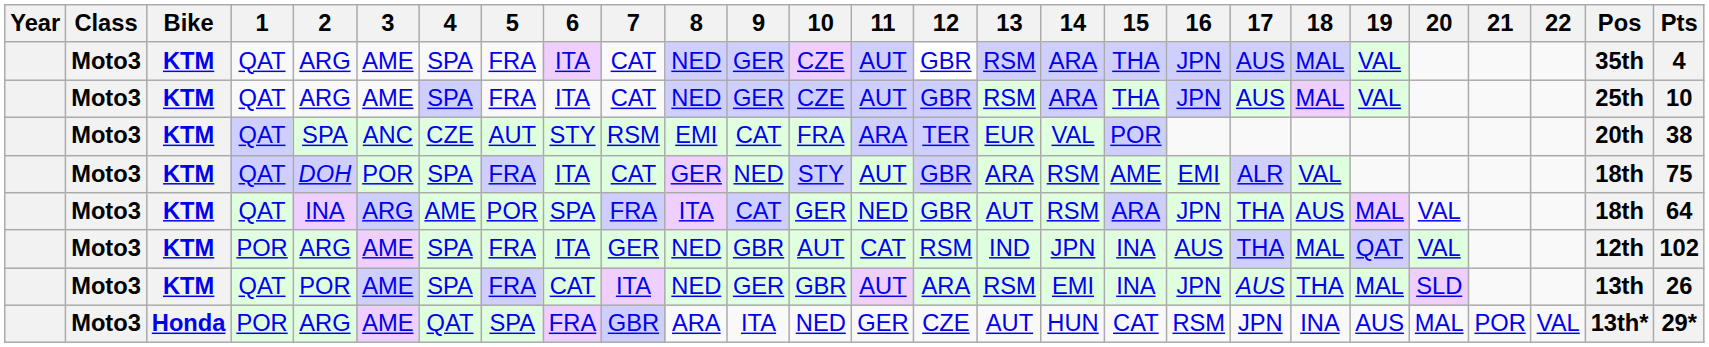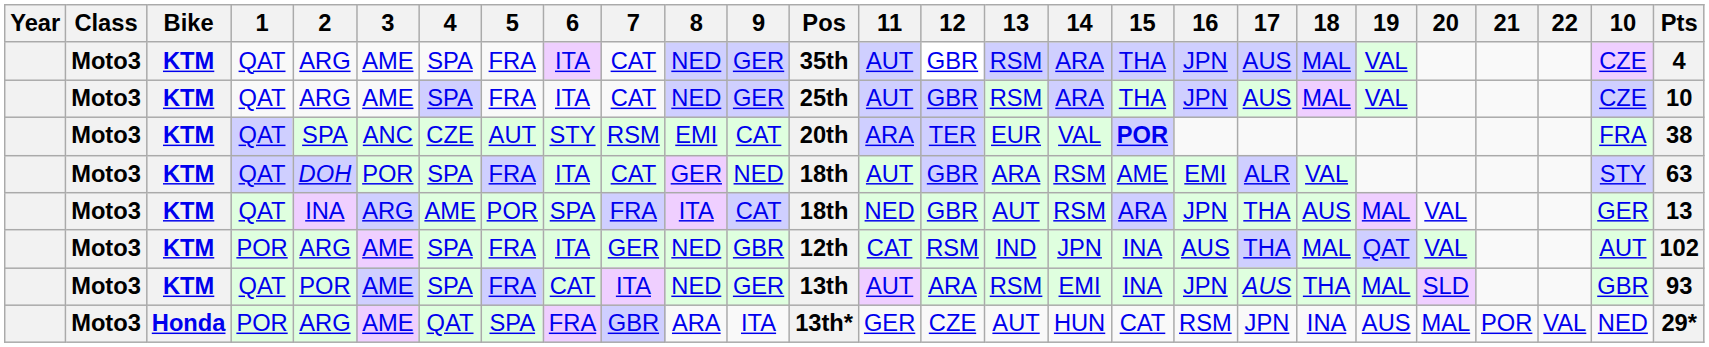 <table class="wikitable" style="text-align:center;">
 <tr>
 <th>Year</th>
 <th>Class</th>
 <th>Bike</th>
 <th>1</th>
 <th>2</th>
 <th>3</th>
 <th>4</th>
 <th>5</th>
 <th>6</th>
 <th>7</th>
 <th>8</th>
 <th>9</th>
-<th>10</th>
+<th>Pos</th>
 <th>11</th>
 <th>12</th>
 <th>13</th>
 <th>14</th>
 <th>15</th>
 <th>16</th>
 <th>17</th>
 <th>18</th>
 <th>19</th>
 <th>20</th>
 <th>21</th>
 <th>22</th>
-<th>Pos</th>
+<th>10</th>
 <th>Pts</th>
 </tr>
 <tr>
 <th></th>
 <th>Moto3</th>
 <th><a href='#'>KTM</a></th>
 <td><a href='#'>QAT</a></td>
 <td><a href='#'>ARG</a></td>
 <td><a href='#'>AME</a></td>
 <td><a href='#'>SPA</a></td>
 <td><a href='#'>FRA</a></td>
 <td style="background:#efcfff;"><a href='#'>ITA</a><br></td>
 <td><a href='#'>CAT</a></td>
 <td style="background:#cfcfff;"><a href='#'>NED</a><br></td>
 <td style="background:#cfcfff;"><a href='#'>GER</a><br></td>
-<td style="background:#efcfff;"><a href='#'>CZE</a><br></td>
+<th>35th</th>
 <td style="background:#cfcfff;"><a href='#'>AUT</a><br></td>
 <td style="background:#ffffff;"><a href='#'>GBR</a><br></td>
 <td style="background:#cfcfff;"><a href='#'>RSM</a><br></td>
 <td style="background:#cfcfff;"><a href='#'>ARA</a><br></td>
 <td style="background:#cfcfff;"><a href='#'>THA</a><br></td>
 <td style="background:#cfcfff;"><a href='#'>JPN</a><br></td>
 <td style="background:#cfcfff;"><a href='#'>AUS</a><br></td>
 <td style="background:#cfcfff;"><a href='#'>MAL</a><br></td>
 <td style="background:#dfffdf;"><a href='#'>VAL</a><br></td>
 <td></td>
 <td></td>
 <td></td>
-<th>35th</th>
+<td style="background:#efcfff;"><a href='#'>CZE</a><br></td>
 <th>4</th>
 </tr>
 <tr>
 <th></th>
 <th>Moto3</th>
 <th><a href='#'>KTM</a></th>
 <td><a href='#'>QAT</a></td>
 <td><a href='#'>ARG</a></td>
 <td><a href='#'>AME</a></td>
 <td style="background:#cfcfff;"><a href='#'>SPA</a><br></td>
 <td><a href='#'>FRA</a></td>
 <td><a href='#'>ITA</a></td>
 <td><a href='#'>CAT</a></td>
 <td style="background:#cfcfff;"><a href='#'>NED</a><br></td>
 <td style="background:#cfcfff;"><a href='#'>GER</a><br></td>
-<td style="background:#cfcfff;"><a href='#'>CZE</a><br></td>
+<th>25th</th>
 <td style="background:#cfcfff;"><a href='#'>AUT</a><br></td>
 <td style="background:#cfcfff;"><a href='#'>GBR</a><br></td>
 <td style="background:#dfffdf;"><a href='#'>RSM</a><br></td>
 <td style="background:#cfcfff;"><a href='#'>ARA</a><br></td>
 <td style="background:#dfffdf;"><a href='#'>THA</a><br></td>
 <td style="background:#cfcfff;"><a href='#'>JPN</a><br></td>
 <td style="background:#dfffdf;"><a href='#'>AUS</a><br></td>
 <td style="background:#efcfff;"><a href='#'>MAL</a><br></td>
 <td style="background:#dfffdf;"><a href='#'>VAL</a><br></td>
 <td></td>
 <td></td>
 <td></td>
-<th>25th</th>
+<td style="background:#cfcfff;"><a href='#'>CZE</a><br></td>
 <th>10</th>
 </tr>
 <tr>
 <th></th>
 <th>Moto3</th>
 <th><a href='#'>KTM</a></th>
 <td style="background:#cfcfff;"><a href='#'>QAT</a><br></td>
 <td style="background:#dfffdf;"><a href='#'>SPA</a><br></td>
 <td style="background:#dfffdf;"><a href='#'>ANC</a><br></td>
 <td style="background:#dfffdf;"><a href='#'>CZE</a><br></td>
 <td style="background:#dfffdf;"><a href='#'>AUT</a><br></td>
 <td style="background:#dfffdf;"><a href='#'>STY</a><br></td>
 <td style="background:#dfffdf;"><a href='#'>RSM</a><br></td>
 <td style="background:#dfffdf;"><a href='#'>EMI</a><br></td>
 <td style="background:#dfffdf;"><a href='#'>CAT</a><br></td>
-<td style="background:#dfffdf;"><a href='#'>FRA</a><br></td>
+<th>20th</th>
 <td style="background:#cfcfff;"><a href='#'>ARA</a><br></td>
 <td style="background:#cfcfff;"><a href='#'>TER</a><br></td>
 <td style="background:#dfffdf;"><a href='#'>EUR</a><br></td>
 <td style="background:#dfffdf;"><a href='#'>VAL</a><br></td>
-<td style="background:#cfcfff;"><a href='#'>POR</a><br></td>
+<td style="background:#cfcfff;"><strong><a href='#'>POR</a><br></strong></td>
 <td></td>
 <td></td>
 <td></td>
 <td></td>
 <td></td>
 <td></td>
 <td></td>
-<th>20th</th>
+<td style="background:#dfffdf;"><a href='#'>FRA</a><br></td>
 <th>38</th>
 </tr>
 <tr>
 <th></th>
 <th>Moto3</th>
 <th><a href='#'>KTM</a></th>
 <td style="background:#cfcfff;"><a href='#'>QAT</a><br></td>
 <td style="background:#cfcfff;"><em><a href='#'>DOH</a></em><br></td>
 <td style="background:#dfffdf;"><a href='#'>POR</a><br></td>
 <td style="background:#dfffdf;"><a href='#'>SPA</a><br></td>
 <td style="background:#cfcfff;"><a href='#'>FRA</a><br></td>
 <td style="background:#dfffdf;"><a href='#'>ITA</a><br></td>
 <td style="background:#dfffdf;"><a href='#'>CAT</a><br></td>
 <td style="background:#efcfff;"><a href='#'>GER</a><br></td>
 <td style="background:#dfffdf;"><a href='#'>NED</a><br></td>
-<td style="background:#cfcfff;"><a href='#'>STY</a><br></td>
+<th>18th</th>
 <td style="background:#dfffdf;"><a href='#'>AUT</a><br></td>
 <td style="background:#cfcfff;"><a href='#'>GBR</a><br></td>
 <td style="background:#dfffdf;"><a href='#'>ARA</a><br></td>
 <td style="background:#dfffdf;"><a href='#'>RSM</a><br></td>
 <td style="background:#dfffdf;"><a href='#'>AME</a><br></td>
 <td style="background:#dfffdf;"><a href='#'>EMI</a><br></td>
 <td style="background:#cfcfff;"><a href='#'>ALR</a><br></td>
 <td style="background:#dfffdf;"><a href='#'>VAL</a><br></td>
 <td></td>
 <td></td>
 <td></td>
 <td></td>
-<th>18th</th>
-<th>75</th>
+<td style="background:#cfcfff;"><a href='#'>STY</a><br></td>
+<th>63</th>
 </tr>
 <tr>
 <th></th>
 <th>Moto3</th>
 <th><a href='#'>KTM</a></th>
 <td style="background:#dfffdf;"><a href='#'>QAT</a><br></td>
 <td style="background:#efcfff;"><a href='#'>INA</a><br></td>
 <td style="background:#cfcfff;"><a href='#'>ARG</a><br></td>
 <td style="background:#dfffdf;"><a href='#'>AME</a><br></td>
 <td style="background:#dfffdf;"><a href='#'>POR</a><br></td>
 <td style="background:#dfffdf;"><a href='#'>SPA</a><br></td>
 <td style="background:#cfcfff;"><a href='#'>FRA</a><br></td>
 <td style="background:#efcfff;"><a href='#'>ITA</a><br></td>
 <td style="background:#cfcfff;"><a href='#'>CAT</a><br></td>
-<td style="background:#dfffdf;"><a href='#'>GER</a><br></td>
+<th>18th</th>
 <td style="background:#dfffdf;"><a href='#'>NED</a><br></td>
 <td style="background:#dfffdf;"><a href='#'>GBR</a><br></td>
 <td style="background:#dfffdf;"><a href='#'>AUT</a><br></td>
 <td style="background:#dfffdf;"><a href='#'>RSM</a><br></td>
 <td style="background:#cfcfff;"><a href='#'>ARA</a><br></td>
 <td style="background:#dfffdf;"><a href='#'>JPN</a><br></td>
 <td style="background:#dfffdf;"><a href='#'>THA</a><br></td>
 <td style="background:#dfffdf;"><a href='#'>AUS</a><br></td>
 <td style="background:#efcfff;"><a href='#'>MAL</a><br></td>
 <td><a href='#'>VAL</a></td>
 <td></td>
 <td></td>
-<th>18th</th>
-<th>64</th>
+<td style="background:#dfffdf;"><a href='#'>GER</a><br></td>
+<th>13</th>
 </tr>
 <tr>
 <th></th>
 <th>Moto3</th>
 <th><a href='#'>KTM</a></th>
 <td style="background:#dfffdf;"><a href='#'>POR</a><br></td>
 <td style="background:#dfffdf;"><a href='#'>ARG</a><br></td>
 <td style="background:#efcfff;"><a href='#'>AME</a><br></td>
 <td style="background:#dfffdf;"><a href='#'>SPA</a><br></td>
 <td style="background:#dfffdf;"><a href='#'>FRA</a><br></td>
 <td style="background:#dfffdf;"><a href='#'>ITA</a><br></td>
 <td style="background:#dfffdf;"><a href='#'>GER</a><br></td>
 <td style="background:#dfffdf;"><a href='#'>NED</a><br></td>
 <td style="background:#dfffdf;"><a href='#'>GBR</a><br></td>
-<td style="background:#dfffdf;"><a href='#'>AUT</a><br></td>
+<th>12th</th>
 <td style="background:#dfffdf;"><a href='#'>CAT</a><br></td>
 <td style="background:#dfffdf;"><a href='#'>RSM</a><br></td>
 <td style="background:#dfffdf;"><a href='#'>IND</a><br></td>
 <td style="background:#dfffdf;"><a href='#'>JPN</a><br></td>
 <td style="background:#dfffdf;"><a href='#'>INA</a><br></td>
 <td style="background:#dfffdf;"><a href='#'>AUS</a><br></td>
 <td style="background:#cfcfff;"><a href='#'>THA</a><br></td>
 <td style="background:#dfffdf;"><a href='#'>MAL</a><br></td>
 <td style="background:#cfcfff;"><a href='#'>QAT</a><br></td>
 <td style="background:#dfffdf;"><a href='#'>VAL</a><br></td>
 <td></td>
 <td></td>
-<th>12th</th>
+<td style="background:#dfffdf;"><a href='#'>AUT</a><br></td>
 <th>102</th>
 </tr>
 <tr>
 <th></th>
 <th>Moto3</th>
 <th><a href='#'>KTM</a></th>
 <td style="background:#DFFFDF;"><a href='#'>QAT</a><br></td>
 <td style="background:#DFFFDF;"><a href='#'>POR</a><br></td>
 <td style="background:#CFCFFF;"><a href='#'>AME</a><br></td>
 <td style="background:#DFFFDF;"><a href='#'>SPA</a><br></td>
 <td style="background:#CFCFFF;"><a href='#'>FRA</a><br></td>
 <td style="background:#DFFFDF;"><a href='#'>CAT</a><br></td>
 <td style="background:#EFCFFF;"><a href='#'>ITA</a><br></td>
 <td style="background:#DFFFDF;"><a href='#'>NED</a><br></td>
 <td style="background:#DFFFDF;"><a href='#'>GER</a><br></td>
-<td style="background:#DFFFDF;"><a href='#'>GBR</a><br></td>
+<th>13th</th>
 <td style="background:#EFCFFF;"><a href='#'>AUT</a><br></td>
 <td style="background:#DFFFDF;"><a href='#'>ARA</a><br></td>
 <td style="background:#DFFFDF;"><a href='#'>RSM</a><br></td>
 <td style="background:#DFFFDF;"><a href='#'>EMI</a><br></td>
 <td style="background:#DFFFDF;"><a href='#'>INA</a><br></td>
 <td style="background:#DFFFDF;"><a href='#'>JPN</a><br></td>
 <td style="background:#DFFFDF;"><em><a href='#'>AUS</a></em><br></td>
 <td style="background:#DFFFDF;"><a href='#'>THA</a><br></td>
 <td style="background:#DFFFDF;"><a href='#'>MAL</a><br></td>
 <td style="background:#EFCFFF;"><a href='#'>SLD</a><br></td>
 <td></td>
 <td></td>
-<th>13th</th>
-<th>26</th>
+<td style="background:#DFFFDF;"><a href='#'>GBR</a><br></td>
+<th>93</th>
 </tr>
 <tr>
 <th></th>
 <th>Moto3</th>
 <th><a href='#'>Honda</a></th>
 <td style="background:#dfffdf;"><a href='#'>POR</a><br></td>
 <td style="background:#DFFFDF;"><a href='#'>ARG</a><br></td>
 <td style="background:#EFCFFF;"><a href='#'>AME</a><br></td>
 <td style="background:#DFFFDF;"><a href='#'>QAT</a><br></td>
 <td style="background:#DFFFDF;"><a href='#'>SPA</a><br></td>
 <td style="background:#EFCFFF;"><a href='#'>FRA</a><br></td>
 <td style="background:#CFCFFF;"><a href='#'>GBR</a><br></td>
 <td style="background:#;"><a href='#'>ARA</a><br></td>
 <td style="background:#;"><a href='#'>ITA</a><br></td>
-<td style="background:#;"><a href='#'>NED</a><br></td>
+<th>13th*</th>
 <td style="background:#;"><a href='#'>GER</a><br></td>
 <td style="background:#;"><a href='#'>CZE</a><br></td>
 <td style="background:#;"><a href='#'>AUT</a><br></td>
 <td style="background:#;"><a href='#'>HUN</a><br></td>
 <td style="background:#;"><a href='#'>CAT</a><br></td>
 <td style="background:#;"><a href='#'>RSM</a><br></td>
 <td style="background:#;"><a href='#'>JPN</a><br></td>
 <td style="background:#;"><a href='#'>INA</a><br></td>
 <td style="background:#;"><a href='#'>AUS</a><br></td>
 <td style="background:#;"><a href='#'>MAL</a><br></td>
 <td style="background:#;"><a href='#'>POR</a><br></td>
 <td style="background:#;"><a href='#'>VAL</a><br></td>
-<th>13th*</th>
+<td style="background:#;"><a href='#'>NED</a><br></td>
 <th>29*</th>
 </tr>
 </table>
